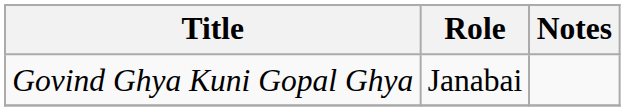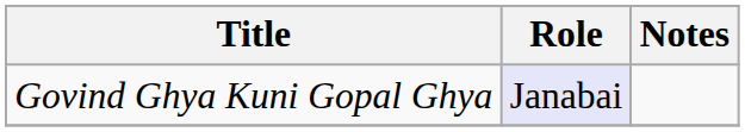 <table class="wikitable sortable">
 <tr>
 <th>Title</th>
 <th>Role</th>
 <th>Notes</th>
 </tr>
 <tr>
 <td><em>Govind Ghya Kuni Gopal Ghya</em></td>
-<td>Janabai</td>
+<td style="background: lavender;">Janabai</td>
 <td></td>
 </tr>
 <tr Tu Fkt Ho Mann |>
 </tr>
 </table>
